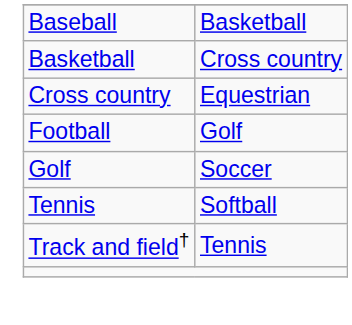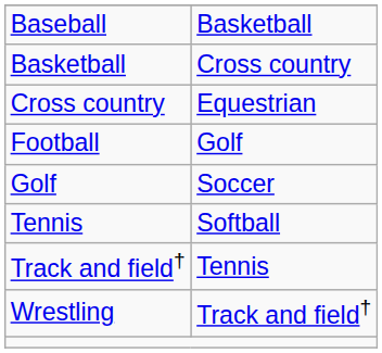 <table class="wikitable" style="float:right; clear:right; margin:0 0 1em 1em;">
 <tr>
 </tr>
 <tr>
 <td><a href='#'>Baseball</a></td>
 <td><a href='#'>Basketball</a></td>
 </tr>
 <tr>
 <td><a href='#'>Basketball</a></td>
 <td><a href='#'>Cross country</a></td>
 </tr>
 <tr>
 <td><a href='#'>Cross country</a></td>
 <td><a href='#'>Equestrian</a></td>
 </tr>
 <tr>
 <td><a href='#'>Football</a></td>
 <td><a href='#'>Golf</a></td>
 </tr>
 <tr>
 <td><a href='#'>Golf</a></td>
 <td><a href='#'>Soccer</a></td>
 </tr>
 <tr>
 <td><a href='#'>Tennis</a></td>
 <td><a href='#'>Softball</a></td>
 </tr>
 <tr>
 <td><a href='#'>Track and field</a><sup>†</sup></td>
 <td><a href='#'>Tennis</a></td>
 </tr>
 <tr>
+<td><a href='#'>Wrestling</a></td>
+<td><a href='#'>Track and field</a><sup>†</sup></td>
+</tr>
+<tr>
 <td colspan="2"></td>
 </tr>
 </table>
